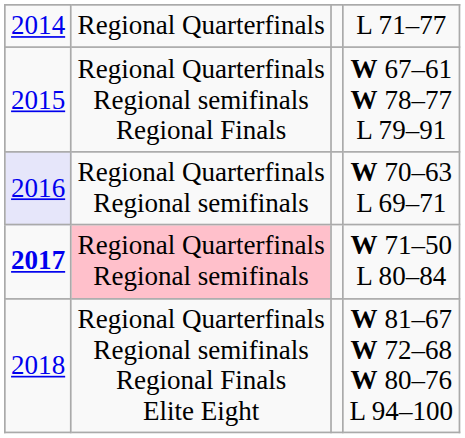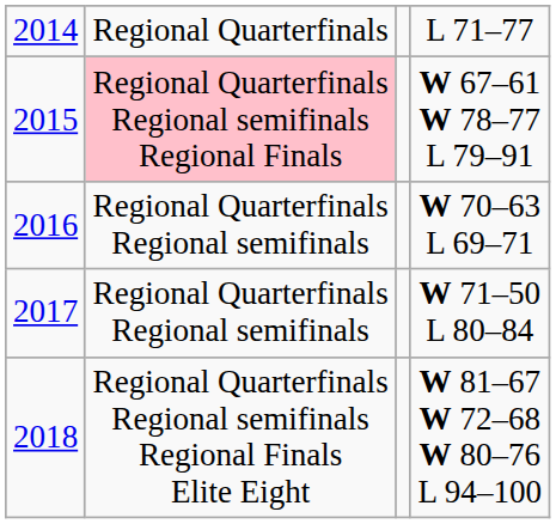 <table class="wikitable">
 <tr align="center">
 <td><a href='#'>2014</a></td>
 <td>Regional Quarterfinals</td>
 <td></td>
 <td>L 71–77</td>
 </tr>
 <tr align="center">
 <td><a href='#'>2015</a></td>
-<td>Regional Quarterfinals<br>Regional semifinals<br>Regional Finals</td>
+<td style="background: pink;">Regional Quarterfinals<br>Regional semifinals<br>Regional Finals</td>
 <td><br><br></td>
 <td><strong>W</strong> 67–61<br><strong>W</strong> 78–77 <br>L 79–91</td>
 </tr>
 <tr align="center">
-<td style="background: lavender;"><a href='#'>2016</a></td>
+<td><a href='#'>2016</a></td>
 <td>Regional Quarterfinals<br>Regional semifinals</td>
 <td><br></td>
 <td><strong>W</strong> 70–63<br>L 69–71</td>
 </tr>
 <tr align="center">
-<td><strong><a href='#'>2017</a></strong></td>
-<td style="background: pink;">Regional Quarterfinals<br>Regional semifinals</td>
+<td><a href='#'>2017</a></td>
+<td>Regional Quarterfinals<br>Regional semifinals</td>
 <td><br></td>
 <td><strong>W</strong> 71–50<br>L 80–84</td>
 </tr>
 <tr align="center">
 <td><a href='#'>2018</a></td>
 <td>Regional Quarterfinals<br>Regional semifinals<br>Regional Finals<br>Elite Eight</td>
 <td><br><br><br></td>
 <td><strong>W</strong> 81–67<br><strong>W</strong> 72–68<br><strong>W</strong> 80–76 <br>L 94–100</td>
 </tr>
 </table>
